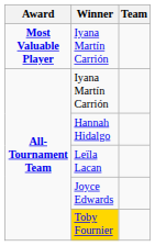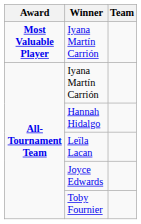 <table class="wikitable" style="width: 30%; text-align:center; font-size:90%">
 <tr>
 <th>Award</th>
 <th>Winner</th>
 <th>Team</th>
 </tr>
 <tr>
 <td><strong><a href='#'>Most Valuable Player</a></strong></td>
 <td align=left><a href='#'>Iyana Martín Carrión</a></td>
 <td align=left></td>
 </tr>
 <tr>
 <td rowspan=5><strong><a href='#'>All-Tournament Team</a></strong></td>
 <td align=left>Iyana Martín Carrión</td>
 <td align=left></td>
 </tr>
 <tr>
 <td align=left><a href='#'>Hannah Hidalgo</a></td>
 <td align=left></td>
 </tr>
 <tr>
 <td align=left><a href='#'>Leïla Lacan</a></td>
 <td align=left></td>
 </tr>
 <tr>
 <td align=left><a href='#'>Joyce Edwards</a></td>
 <td align=left></td>
 </tr>
 <tr>
-<td align=left style="background: gold;"><a href='#'>Toby Fournier</a></td>
+<td align=left><a href='#'>Toby Fournier</a></td>
 <td align=left></td>
 </tr>
 </table>
